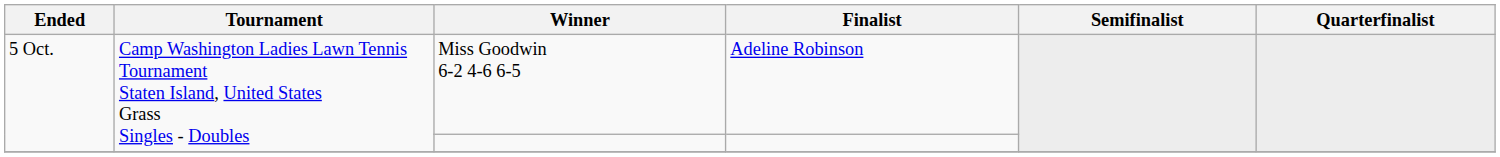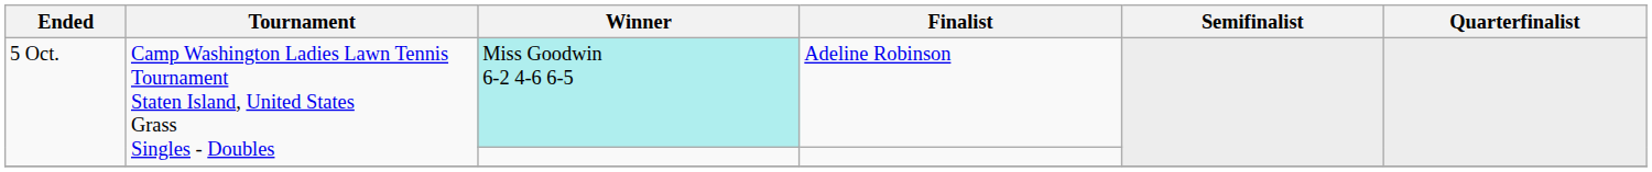 <table class="wikitable" style="font-size:85%;">
 <tr>
 <th width="75">Ended</th>
 <th width="230">Tournament</th>
 <th width="210">Winner</th>
 <th width="210">Finalist</th>
 <th width="170">Semifinalist</th>
 <th width="170">Quarterfinalist</th>
 </tr>
 <tr valign=top>
 <td rowspan=2>5 Oct. </td>
 <td rowspan=2><a href='#'>Camp Washington Ladies Lawn Tennis Tournament</a><br><a href='#'>Staten Island</a>, <a href='#'>United States</a><br>Grass<br><a href='#'>Singles</a> - <a href='#'>Doubles</a></td>
-<td> Miss Goodwin<br>6-2 4-6 6-5</td>
+<td style="background: paleturquoise;"> Miss Goodwin<br>6-2 4-6 6-5</td>
 <td> <a href='#'>Adeline Robinson</a></td>
 <td style="background:#ededed;" rowspan=2></td>
 <td style="background:#ededed;" rowspan=2></td>
 </tr>
 <tr valign=top>
 <td></td>
 <td></td>
 </tr>
 <tr valign=top>
 </tr>
 </table>
